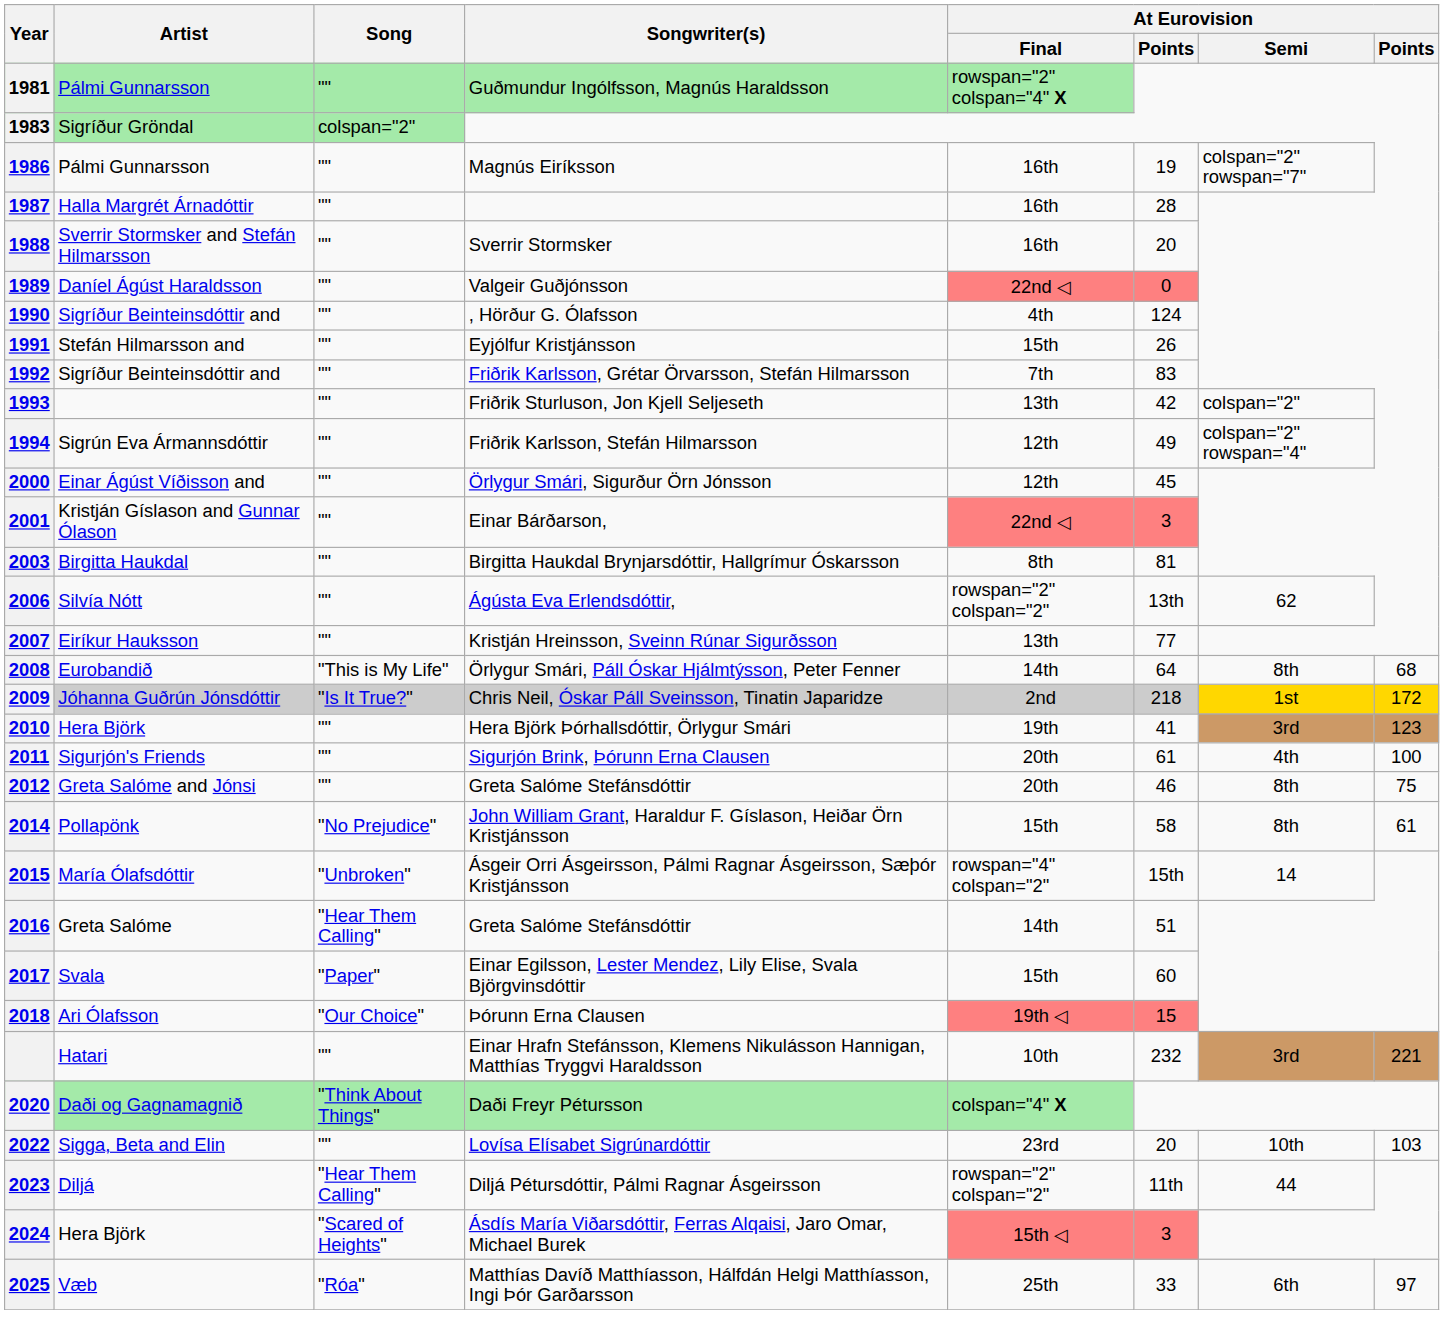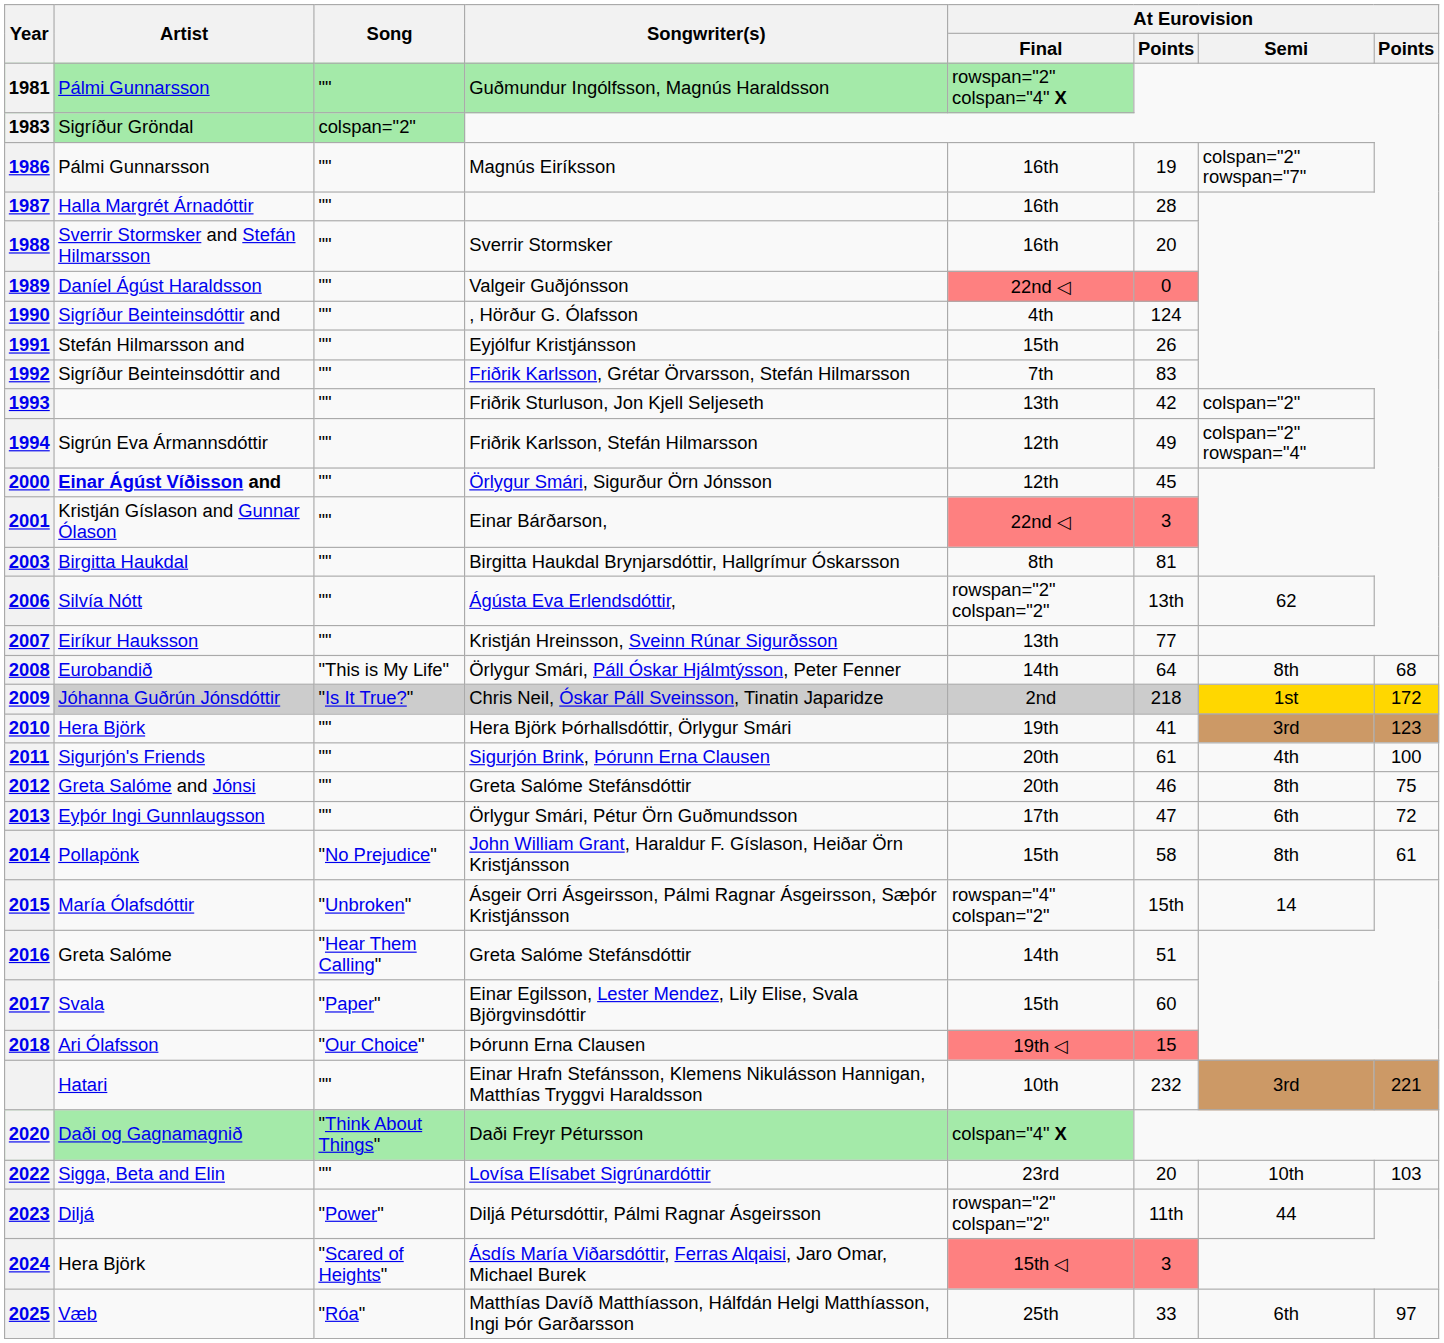 <table class="wikitable sortable plainrowheaders">
 <tr>
 <th rowspan="2">Year</th>
 <th rowspan="2">Artist</th>
 <th rowspan="2">Song</th>
 <th rowspan="2">Songwriter(s)</th>
 <th colspan="4">At Eurovision</th>
 </tr>
 <tr>
 <th>Final</th>
 <th>Points</th>
 <th>Semi</th>
 <th>Points</th>
 </tr>
 <tr style="background-color:#A4EAA9;">
 <th scope="row" style="text-align:center;">1981</th>
 <td><a href='#'>Pálmi Gunnarsson</a></td>
 <td>""</td>
 <td>Guðmundur Ingólfsson, Magnús Haraldsson</td>
 <td>rowspan="2" colspan="4"  <strong>X</strong></td>
 </tr>
 <tr style="background-color:#A4EAA9;">
 <th scope="row" style="text-align:center;">1983</th>
 <td>Sigríður Gröndal</td>
 <td>colspan="2" </td>
 </tr>
 <tr>
 <th scope="row" style="text-align:center;"><a href='#'>1986</a></th>
 <td>Pálmi Gunnarsson</td>
 <td>""</td>
 <td>Magnús Eiríksson</td>
 <td style="text-align:center;">16th</td>
 <td style="text-align:center;">19</td>
 <td>colspan="2" rowspan="7" </td>
 </tr>
 <tr>
 <th scope="row" style="text-align:center;"><a href='#'>1987</a></th>
 <td><a href='#'>Halla Margrét Árnadóttir</a></td>
 <td>""</td>
 <td></td>
 <td style="text-align:center;">16th</td>
 <td style="text-align:center;">28</td>
 </tr>
 <tr>
 <th scope="row" style="text-align:center;"><a href='#'>1988</a></th>
 <td><a href='#'>Sverrir Stormsker</a> and <a href='#'>Stefán Hilmarsson</a></td>
 <td>""</td>
 <td>Sverrir Stormsker</td>
 <td style="text-align:center;">16th</td>
 <td style="text-align:center;">20</td>
 </tr>
 <tr>
 <th scope="row" style="text-align:center;"><a href='#'>1989</a></th>
 <td><a href='#'>Daníel Ágúst Haraldsson</a></td>
 <td>""</td>
 <td>Valgeir Guðjónsson</td>
 <td style="text-align:center; background-color:#FE8080;">22nd ◁</td>
 <td style="text-align:center; background-color:#FE8080;">0</td>
 </tr>
 <tr>
 <th scope="row" style="text-align:center;"><a href='#'>1990</a></th>
 <td><a href='#'>Sigríður Beinteinsdóttir</a> and </td>
 <td>""</td>
 <td>, Hörður G. Ólafsson</td>
 <td style="text-align:center;">4th</td>
 <td style="text-align:center;">124</td>
 </tr>
 <tr>
 <th scope="row" style="text-align:center;"><a href='#'>1991</a></th>
 <td>Stefán Hilmarsson and </td>
 <td>""</td>
 <td>Eyjólfur Kristjánsson</td>
 <td style="text-align:center;">15th</td>
 <td style="text-align:center;">26</td>
 </tr>
 <tr>
 <th scope="row" style="text-align:center;"><a href='#'>1992</a></th>
 <td>Sigríður Beinteinsdóttir and </td>
 <td>""</td>
 <td><a href='#'>Friðrik Karlsson</a>, Grétar Örvarsson, Stefán Hilmarsson</td>
 <td style="text-align:center;">7th</td>
 <td style="text-align:center;">83</td>
 </tr>
 <tr>
 <th scope="row" style="text-align:center;"><a href='#'>1993</a></th>
 <td></td>
 <td>""</td>
 <td>Friðrik Sturluson, Jon Kjell Seljeseth</td>
 <td style="text-align:center;">13th</td>
 <td style="text-align:center;">42</td>
 <td>colspan="2" </td>
 </tr>
 <tr>
 <th scope="row" style="text-align:center;"><a href='#'>1994</a></th>
 <td>Sigrún Eva Ármannsdóttir</td>
 <td>""</td>
 <td>Friðrik Karlsson, Stefán Hilmarsson</td>
 <td style="text-align:center;">12th</td>
 <td style="text-align:center;">49</td>
 <td>colspan="2" rowspan="4" </td>
 </tr>
 <tr>
 <th scope="row" style="text-align:center;"><a href='#'>2000</a></th>
-<td><a href='#'>Einar Ágúst Víðisson</a> and </td>
+<td><strong><a href='#'>Einar Ágúst Víðisson</a> and </strong></td>
 <td>""</td>
 <td><a href='#'>Örlygur Smári</a>, Sigurður Örn Jónsson</td>
 <td style="text-align:center;">12th</td>
 <td style="text-align:center;">45</td>
 </tr>
 <tr>
 <th scope="row" style="text-align:center;"><a href='#'>2001</a></th>
 <td>Kristján Gíslason and <a href='#'>Gunnar Ólason</a></td>
 <td>""</td>
 <td>Einar Bárðarson, </td>
 <td style="text-align:center; background-color:#FE8080;">22nd ◁</td>
 <td style="text-align:center; background-color:#FE8080;">3</td>
 </tr>
 <tr>
 <th scope="row" style="text-align:center;"><a href='#'>2003</a></th>
 <td><a href='#'>Birgitta Haukdal</a></td>
 <td>""</td>
 <td>Birgitta Haukdal Brynjarsdóttir, Hallgrímur Óskarsson</td>
 <td style="text-align:center;">8th</td>
 <td style="text-align:center;">81</td>
 </tr>
 <tr>
 <th scope="row" style="text-align:center;"><a href='#'>2006</a></th>
 <td><a href='#'>Silvía Nótt</a></td>
 <td>""</td>
 <td><a href='#'>Ágústa Eva Erlendsdóttir</a>, </td>
 <td>rowspan="2" colspan="2" </td>
 <td style="text-align:center;">13th</td>
 <td style="text-align:center;">62</td>
 </tr>
 <tr>
 <th scope="row" style="text-align:center;"><a href='#'>2007</a></th>
 <td><a href='#'>Eiríkur Hauksson</a></td>
 <td>""</td>
 <td>Kristján Hreinsson, <a href='#'>Sveinn Rúnar Sigurðsson</a></td>
 <td style="text-align:center;">13th</td>
 <td style="text-align:center;">77</td>
 </tr>
 <tr>
 <th scope="row" style="text-align:center;"><a href='#'>2008</a></th>
 <td><a href='#'>Eurobandið</a></td>
 <td>"This is My Life"</td>
 <td>Örlygur Smári, <a href='#'>Páll Óskar Hjálmtýsson</a>, Peter Fenner</td>
 <td style="text-align:center;">14th</td>
 <td style="text-align:center;">64</td>
 <td style="text-align:center;">8th</td>
 <td style="text-align:center;">68</td>
 </tr>
 <tr style="background-color:#CCC;">
 <th scope="row" style="text-align:center;"><a href='#'>2009</a></th>
 <td><a href='#'>Jóhanna Guðrún Jónsdóttir</a></td>
 <td>"<a href='#'>Is It True?</a>"</td>
 <td>Chris Neil, <a href='#'>Óskar Páll Sveinsson</a>, Tinatin Japaridze</td>
 <td style="text-align:center; background-color:#CCC;">2nd</td>
 <td style="text-align:center; background-color:#CCC;">218</td>
 <td style="text-align:center; background-color:#FFD700;">1st</td>
 <td style="text-align:center; background-color:#FFD700;">172</td>
 </tr>
 <tr>
 <th scope="row" style="text-align:center;"><a href='#'>2010</a></th>
 <td><a href='#'>Hera Björk</a></td>
 <td>""</td>
 <td>Hera Björk Þórhallsdóttir, Örlygur Smári</td>
 <td style="text-align:center;">19th</td>
 <td style="text-align:center;">41</td>
 <td style="text-align:center; background-color:#C96;">3rd</td>
 <td style="text-align:center; background-color:#C96;">123</td>
 </tr>
 <tr>
 <th scope="row" style="text-align:center;"><a href='#'>2011</a></th>
 <td><a href='#'>Sigurjón's Friends</a></td>
 <td>""</td>
 <td><a href='#'>Sigurjón Brink</a>, <a href='#'>Þórunn Erna Clausen</a></td>
 <td style="text-align:center;">20th</td>
 <td style="text-align:center;">61</td>
 <td style="text-align:center;">4th</td>
 <td style="text-align:center;">100</td>
 </tr>
 <tr>
 <th scope="row" style="text-align:center;"><a href='#'>2012</a></th>
 <td><a href='#'>Greta Salóme</a> and <a href='#'>Jónsi</a></td>
 <td>""</td>
 <td>Greta Salóme Stefánsdóttir</td>
 <td style="text-align:center;">20th</td>
 <td style="text-align:center;">46</td>
 <td style="text-align:center;">8th</td>
 <td style="text-align:center;">75</td>
 </tr>
 <tr>
+<th scope="row" style="text-align:center;"><a href='#'>2013</a></th>
+<td><a href='#'>Eyþór Ingi Gunnlaugsson</a></td>
+<td>""</td>
+<td>Örlygur Smári, Pétur Örn Guðmundsson</td>
+<td style="text-align:center;">17th</td>
+<td style="text-align:center;">47</td>
+<td style="text-align:center;">6th</td>
+<td style="text-align:center;">72</td>
+</tr>
+<tr>
 <th scope="row" style="text-align:center;"><a href='#'>2014</a></th>
 <td><a href='#'>Pollapönk</a></td>
 <td>"<a href='#'>No Prejudice</a>"</td>
 <td><a href='#'>John William Grant</a>, Haraldur F. Gíslason, Heiðar Örn Kristjánsson</td>
 <td style="text-align:center;">15th</td>
 <td style="text-align:center;">58</td>
 <td style="text-align:center;">8th</td>
 <td style="text-align:center;">61</td>
 </tr>
 <tr>
 <th scope="row" style="text-align:center;"><a href='#'>2015</a></th>
 <td><a href='#'>María Ólafsdóttir</a></td>
 <td>"<a href='#'>Unbroken</a>"</td>
 <td>Ásgeir Orri Ásgeirsson, Pálmi Ragnar Ásgeirsson, Sæþór Kristjánsson</td>
 <td>rowspan="4" colspan="2" </td>
 <td style="text-align:center;">15th</td>
 <td style="text-align:center;">14</td>
 </tr>
 <tr>
 <th scope="row" style="text-align:center;"><a href='#'>2016</a></th>
 <td>Greta Salóme</td>
 <td>"<a href='#'>Hear Them Calling</a>"</td>
 <td>Greta Salóme Stefánsdóttir</td>
 <td style="text-align:center;">14th</td>
 <td style="text-align:center;">51</td>
 </tr>
 <tr>
 <th scope="row" style="text-align:center;"><a href='#'>2017</a></th>
 <td><a href='#'>Svala</a></td>
 <td>"<a href='#'>Paper</a>"</td>
 <td>Einar Egilsson, <a href='#'>Lester Mendez</a>, Lily Elise, Svala Björgvinsdóttir</td>
 <td style="text-align:center;">15th</td>
 <td style="text-align:center;">60</td>
 </tr>
 <tr>
 <th scope="row" style="text-align:center;"><a href='#'>2018</a></th>
 <td><a href='#'>Ari Ólafsson</a></td>
 <td>"<a href='#'>Our Choice</a>"</td>
 <td>Þórunn Erna Clausen</td>
 <td style="text-align:center; background-color:#FE8080;">19th ◁</td>
 <td style="text-align:center; background-color:#FE8080;">15</td>
 </tr>
 <tr>
 <th scope="row" style="text-align:center;"></th>
 <td><a href='#'>Hatari</a></td>
 <td>""</td>
 <td>Einar Hrafn Stefánsson, Klemens Nikulásson Hannigan, Matthías Tryggvi Haraldsson</td>
 <td style="text-align:center;">10th</td>
 <td style="text-align:center;">232</td>
 <td style="text-align:center; background-color:#C96;">3rd</td>
 <td style="text-align:center; background-color:#C96;">221</td>
 </tr>
 <tr style="background-color:#A4EAA9;">
 <th scope="row" style="text-align:center;"><a href='#'>2020</a></th>
 <td><a href='#'>Daði <span>og Gagnamagnið</span></a></td>
 <td>"<a href='#'>Think About Things</a>"</td>
 <td>Daði Freyr Pétursson</td>
 <td>colspan="4"  <strong>X</strong></td>
 </tr>
 <tr>
 <th scope="row" style="text-align:center;"><a href='#'>2022</a></th>
 <td><a href='#'>Sigga, Beta and Elin</a></td>
 <td>""</td>
 <td><a href='#'>Lovísa Elísabet Sigrúnardóttir</a></td>
 <td style="text-align:center;">23rd</td>
 <td style="text-align:center;">20</td>
 <td style="text-align:center;">10th</td>
 <td style="text-align:center;">103</td>
 </tr>
 <tr>
 <th scope="row" style="text-align:center;"><a href='#'>2023</a></th>
 <td><a href='#'>Diljá</a></td>
-<td>"<a href='#'>Hear Them Calling</a>"</td>
+<td>"<a href='#'>Power</a>"</td>
 <td>Diljá Pétursdóttir, Pálmi Ragnar Ásgeirsson</td>
 <td>rowspan="2" colspan="2" </td>
 <td style="text-align:center;">11th</td>
 <td style="text-align:center;">44</td>
 </tr>
 <tr>
 <th scope="row" style="text-align:center;"><a href='#'>2024</a></th>
 <td>Hera Björk</td>
 <td>"<a href='#'>Scared of Heights</a>"</td>
 <td><a href='#'>Ásdís María Viðarsdóttir</a>, <a href='#'>Ferras Alqaisi</a>, Jaro Omar, Michael Burek</td>
 <td style="text-align:center; background-color:#FE8080;">15th ◁</td>
 <td style="text-align:center; background-color:#FE8080;">3</td>
 </tr>
 <tr>
 <th scope="row" style="text-align:center;"><a href='#'>2025</a></th>
 <td><a href='#'>Væb</a></td>
 <td>"<a href='#'>Róa</a>"</td>
 <td>Matthías Davíð Matthíasson, Hálfdán Helgi Matthíasson, Ingi Þór Garðarsson</td>
 <td style="text-align:center;">25th</td>
 <td style="text-align:center;">33</td>
 <td style="text-align:center;">6th</td>
 <td style="text-align:center;">97</td>
 </tr>
 </table>
